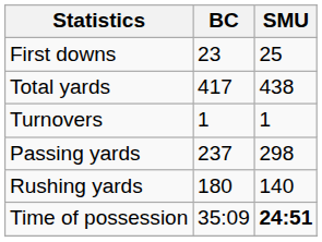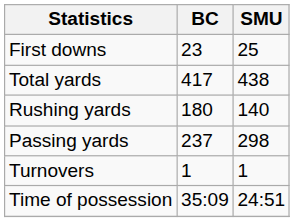 <table class="wikitable" style="float: left;">
 <tr>
 <th>Statistics</th>
 <th>BC</th>
 <th>SMU</th>
 </tr>
 <tr>
 <td>First downs</td>
 <td>23</td>
 <td>25</td>
 </tr>
 <tr>
 <td>Total yards</td>
 <td>417</td>
 <td>438</td>
 </tr>
 <tr>
-<td>Turnovers</td>
-<td>1</td>
-<td>1</td>
+<td>Rushing yards</td>
+<td>180</td>
+<td>140</td>
 </tr>
 <tr>
 <td>Passing yards</td>
 <td>237</td>
 <td>298</td>
 </tr>
 <tr>
-<td>Rushing yards</td>
-<td>180</td>
-<td>140</td>
+<td>Turnovers</td>
+<td>1</td>
+<td>1</td>
 </tr>
 <tr>
 <td>Time of possession</td>
 <td>35:09</td>
-<td><strong>24:51</strong></td>
+<td>24:51</td>
 </tr>
 <tr>
 </tr>
 </table>
